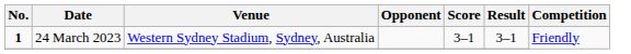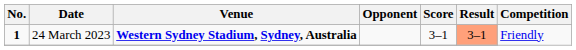 <table class="wikitable sortable">
 <tr>
 <th scope="col">No.</th>
 <th scope="col">Date</th>
 <th scope="col">Venue</th>
 <th scope="col">Opponent</th>
 <th scope="col">Score</th>
 <th scope="col">Result</th>
 <th scope="col">Competition</th>
 </tr>
 <tr>
 <td align="center"><strong>1</strong></td>
 <td>24 March 2023</td>
-<td><a href='#'>Western Sydney Stadium</a>, <a href='#'>Sydney</a>, Australia</td>
+<td><strong><a href='#'>Western Sydney Stadium</a>, <a href='#'>Sydney</a>, Australia</strong></td>
 <td></td>
 <td align="center">3–1</td>
-<td align="center">3–1</td>
+<td align="center" style="background: lightsalmon;">3–1</td>
 <td rowspan="2"><a href='#'>Friendly</a></td>
 </tr>
 <tr>
 </tr>
 </table>
